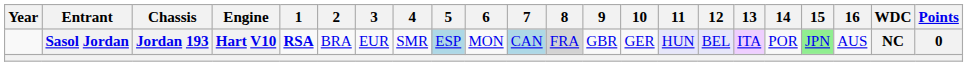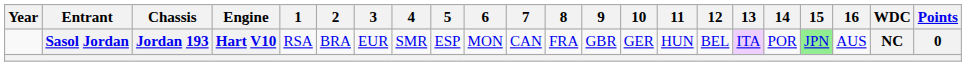 <table class="wikitable" style="text-align:center; font-size:85%">
 <tr>
 <th>Year</th>
 <th>Entrant</th>
 <th>Chassis</th>
 <th>Engine</th>
 <th>1</th>
 <th>2</th>
 <th>3</th>
 <th>4</th>
 <th>5</th>
 <th>6</th>
 <th>7</th>
 <th>8</th>
 <th>9</th>
 <th>10</th>
 <th>11</th>
 <th>12</th>
 <th>13</th>
 <th>14</th>
 <th>15</th>
 <th>16</th>
 <th>WDC</th>
 <th><a href='#'>Points</a></th>
 </tr>
 <tr>
 <td></td>
 <th nowrap><a href='#'>Sasol</a> <a href='#'>Jordan</a></th>
 <th nowrap><a href='#'>Jordan</a> <a href='#'>193</a></th>
 <th nowrap><a href='#'>Hart</a> <a href='#'>V10</a></th>
-<td><strong><a href='#'>RSA</a></strong></td>
+<td><a href='#'>RSA</a></td>
 <td><a href='#'>BRA</a></td>
 <td><a href='#'>EUR</a></td>
 <td><a href='#'>SMR</a></td>
-<td style="background: lightblue;"><a href='#'>ESP</a></td>
+<td><a href='#'>ESP</a></td>
 <td><a href='#'>MON</a></td>
-<td style="background: lightblue;"><a href='#'>CAN</a></td>
-<td style="background: lightgrey;"><a href='#'>FRA</a></td>
+<td><a href='#'>CAN</a></td>
+<td><a href='#'>FRA</a></td>
 <td><a href='#'>GBR</a></td>
 <td><a href='#'>GER</a></td>
-<td style="background: lavender;"><a href='#'>HUN</a></td>
-<td style="background: lavender;"><a href='#'>BEL</a></td>
+<td><a href='#'>HUN</a></td>
+<td><a href='#'>BEL</a></td>
 <td style="background:#EFCFFF;"><a href='#'>ITA</a><br></td>
 <td><a href='#'>POR</a></td>
 <td style="background: lightgreen;"><a href='#'>JPN</a></td>
 <td><a href='#'>AUS</a></td>
 <th>NC</th>
 <th>0</th>
 </tr>
 <tr>
 <th colspan="22"></th>
 </tr>
 </table>
